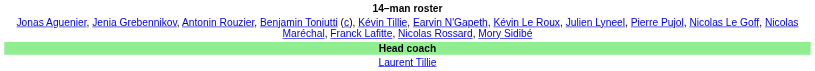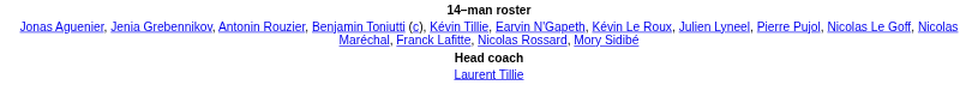 <table style="text-align: center; margin-top: 2em; margin-left: auto; margin-right: auto">
 <tr>
 <td><strong>14–man roster</strong></td>
 </tr>
 <tr>
 <td><a href='#'>Jonas Aguenier</a>, <a href='#'>Jenia Grebennikov</a>, <a href='#'>Antonin Rouzier</a>, <a href='#'>Benjamin Toniutti</a> (<a href='#'>c</a>), <a href='#'>Kévin Tillie</a>, <a href='#'>Earvin N'Gapeth</a>, <a href='#'>Kévin Le Roux</a>, <a href='#'>Julien Lyneel</a>, <a href='#'>Pierre Pujol</a>, <a href='#'>Nicolas Le Goff</a>, <a href='#'>Nicolas Maréchal</a>, <a href='#'>Franck Lafitte</a>, <a href='#'>Nicolas Rossard</a>, <a href='#'>Mory Sidibé</a></td>
 </tr>
 <tr>
-<td style="background: lightgreen;"><strong>Head coach</strong></td>
+<td><strong>Head coach</strong></td>
 </tr>
 <tr>
 <td><a href='#'>Laurent Tillie</a></td>
 </tr>
 </table>
